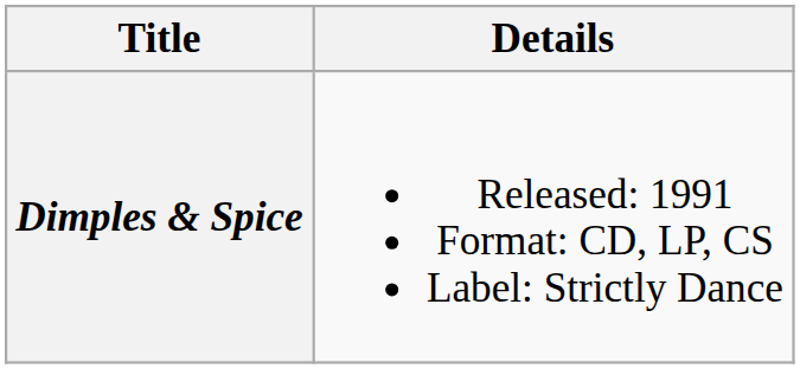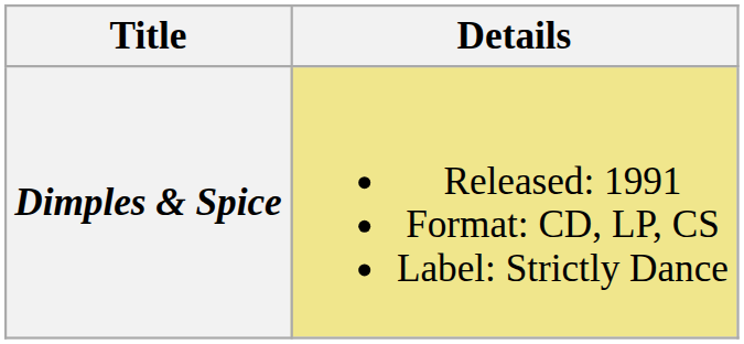 <table class="wikitable plainrowheaders" style="text-align:center;" border="1">
 <tr>
 <th>Title</th>
 <th>Details</th>
 </tr>
 <tr>
 <th scope="row"><em>Dimples & Spice</em></th>
-<td><br><ul><li>Released: 1991</li><li>Format: CD, LP, CS</li><li>Label: Strictly Dance</li></ul></td>
+<td style="background: khaki;"><br><ul><li>Released: 1991</li><li>Format: CD, LP, CS</li><li>Label: Strictly Dance</li></ul></td>
 </tr>
 </table>
